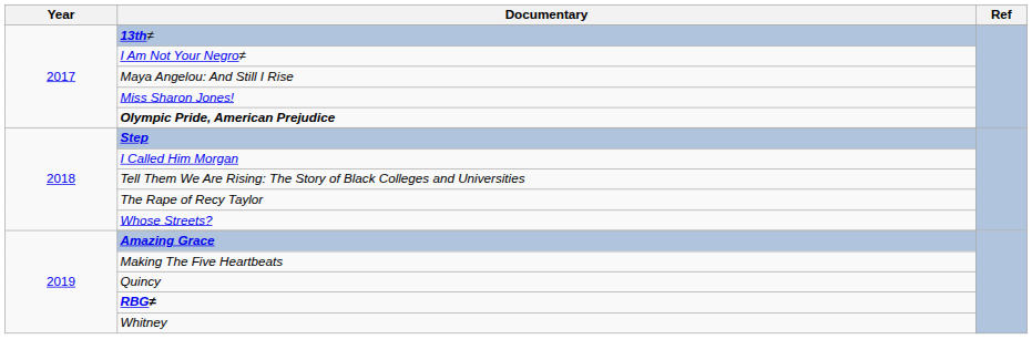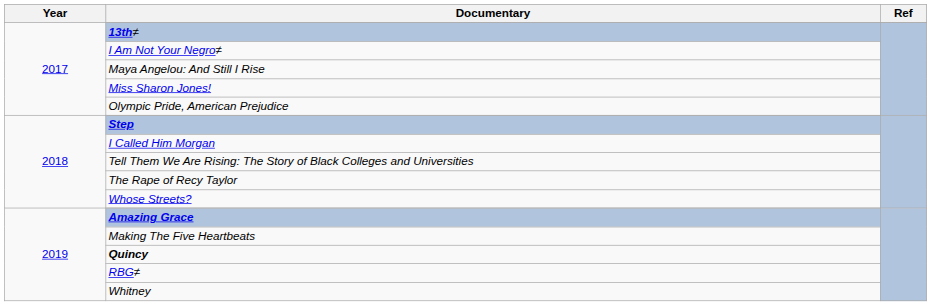 <table class="wikitable" style="width:100%;">
 <tr style="background:#bebebe;">
 <th style="width:11%;">Year</th>
 <th style="width:84%;">Documentary</th>
 <th style="width:5%;">Ref</th>
 </tr>
 <tr>
 <td rowspan="6" align="center"><a href='#'>2017</a></td>
 </tr>
 <tr style="background:#B0C4DE">
 <td><strong><em><a href='#'>13th</a></em></strong>≠</td>
 <td rowspan="6" align="center"></td>
 </tr>
 <tr>
 <td><em><a href='#'>I Am Not Your Negro</a></em>≠</td>
 </tr>
 <tr>
 <td><em>Maya Angelou: And Still I Rise</em></td>
 </tr>
 <tr>
 <td><em><a href='#'>Miss Sharon Jones!</a></em></td>
 </tr>
 <tr>
-<td><strong><em>Olympic Pride, American Prejudice</em></strong></td>
+<td><em>Olympic Pride, American Prejudice</em></td>
 </tr>
 <tr>
 <td rowspan="6" align="center"><a href='#'>2018</a></td>
 </tr>
 <tr style="background:#B0C4DE">
 <td><strong><em><a href='#'>Step</a></em></strong></td>
 <td rowspan="6" align="center"></td>
 </tr>
 <tr>
 <td><em><a href='#'>I Called Him Morgan</a></em></td>
 </tr>
 <tr>
 <td><em>Tell Them We Are Rising: The Story of Black Colleges and Universities</em></td>
 </tr>
 <tr>
 <td><em>The Rape of Recy Taylor</em></td>
 </tr>
 <tr>
 <td><em><a href='#'>Whose Streets?</a></em></td>
 </tr>
 <tr>
 <td rowspan="6" align="center"><a href='#'>2019</a></td>
 </tr>
 <tr style="background:#B0C4DE">
 <td><em><a href='#'><strong>Amazing Grace</strong></a></em></td>
 <td rowspan="5" align="center"></td>
 </tr>
 <tr>
 <td><em>Making The Five Heartbeats</em></td>
 </tr>
 <tr>
-<td><em>Quincy</em></td>
+<td><strong><em>Quincy</em></strong></td>
 </tr>
 <tr>
-<td><strong><em><a href='#'>RBG</a></em>≠</strong></td>
+<td><em><a href='#'>RBG</a></em>≠</td>
 </tr>
 <tr>
 <td><em>Whitney</em></td>
 </tr>
 </table>
